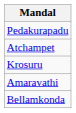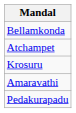 <table class="wikitable sortable static-row-numbers static-row-header-hash">
 <tr>
 <th>Mandal</th>
 </tr>
 <tr>
-<td><a href='#'>Pedakurapadu</a></td>
+<td><a href='#'>Bellamkonda</a></td>
 </tr>
 <tr>
 <td><a href='#'>Atchampet</a></td>
 </tr>
 <tr>
 <td><a href='#'>Krosuru</a></td>
 </tr>
 <tr>
 <td><a href='#'>Amaravathi</a></td>
 </tr>
 <tr>
-<td><a href='#'>Bellamkonda</a></td>
+<td><a href='#'>Pedakurapadu</a></td>
 </tr>
 </table>
